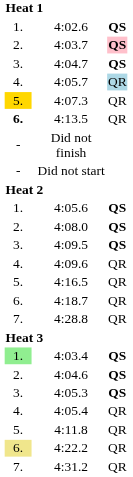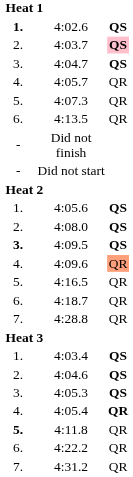 <table style="text-align:center">
 <tr>
 <td colspan=4 align=left><strong>Heat 1</strong></td>
 </tr>
 <tr>
-<td width=30>1.</td>
+<td width=30><strong>1.</strong></td>
 <td align=left></td>
 <td width=80>4:02.6</td>
 <td><strong>QS</strong></td>
 </tr>
 <tr>
 <td>2.</td>
 <td align=left></td>
 <td>4:03.7</td>
 <td style="background: pink;"><strong>QS</strong></td>
 </tr>
 <tr>
 <td>3.</td>
 <td align=left></td>
 <td>4:04.7</td>
 <td><strong>QS</strong></td>
 </tr>
 <tr>
 <td>4.</td>
 <td align=left></td>
 <td>4:05.7</td>
-<td style="background: lightblue;">QR</td>
+<td>QR</td>
 </tr>
 <tr>
-<td style="background: gold;">5.</td>
+<td>5.</td>
 <td align=left></td>
 <td>4:07.3</td>
 <td>QR</td>
 </tr>
 <tr>
-<td><strong>6.</strong></td>
+<td>6.</td>
 <td align=left></td>
 <td>4:13.5</td>
 <td>QR</td>
 </tr>
 <tr>
 <td>-</td>
 <td align=left></td>
 <td>Did not finish</td>
 <td></td>
 </tr>
 <tr>
 <td>-</td>
 <td align=left></td>
 <td>Did not start</td>
 <td></td>
 </tr>
 <tr>
 <td colspan=4 align=left><strong>Heat 2</strong></td>
 </tr>
 <tr>
 <td>1.</td>
 <td align=left></td>
 <td>4:05.6</td>
 <td><strong>QS</strong></td>
 </tr>
 <tr>
 <td>2.</td>
 <td align=left></td>
 <td>4:08.0</td>
 <td><strong>QS</strong></td>
 </tr>
 <tr>
-<td>3.</td>
+<td><strong>3.</strong></td>
 <td align=left></td>
 <td>4:09.5</td>
 <td><strong>QS</strong></td>
 </tr>
 <tr>
 <td>4.</td>
 <td align=left></td>
 <td>4:09.6</td>
-<td>QR</td>
+<td style="background: lightsalmon;">QR</td>
 </tr>
 <tr>
 <td>5.</td>
 <td align=left></td>
 <td>4:16.5</td>
 <td>QR</td>
 </tr>
 <tr>
 <td>6.</td>
 <td align=left></td>
 <td>4:18.7</td>
 <td>QR</td>
 </tr>
 <tr>
 <td>7.</td>
 <td align=left></td>
 <td>4:28.8</td>
 <td>QR</td>
 </tr>
 <tr>
 <td colspan=4 align=left><strong>Heat 3</strong></td>
 </tr>
 <tr>
-<td style="background: lightgreen;">1.</td>
+<td>1.</td>
 <td align=left></td>
 <td>4:03.4</td>
 <td><strong>QS</strong></td>
 </tr>
 <tr>
 <td>2.</td>
 <td align=left></td>
 <td>4:04.6</td>
 <td><strong>QS</strong></td>
 </tr>
 <tr>
 <td>3.</td>
 <td align=left></td>
 <td>4:05.3</td>
 <td><strong>QS</strong></td>
 </tr>
 <tr>
 <td>4.</td>
 <td align=left></td>
 <td>4:05.4</td>
-<td>QR</td>
+<td><strong>QR</strong></td>
 </tr>
 <tr>
-<td>5.</td>
+<td><strong>5.</strong></td>
 <td align=left></td>
 <td>4:11.8</td>
 <td>QR</td>
 </tr>
 <tr>
-<td style="background: khaki;">6.</td>
+<td>6.</td>
 <td align=left></td>
 <td>4:22.2</td>
 <td>QR</td>
 </tr>
 <tr>
 <td>7.</td>
 <td align=left></td>
 <td>4:31.2</td>
 <td>QR</td>
 </tr>
 </table>
